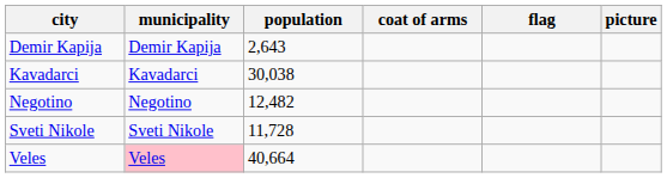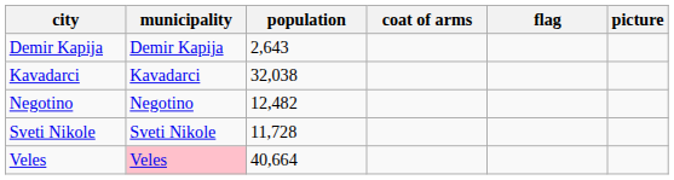 <table class="wikitable sortable" style="font-size:95%;">
 <tr>
 <th width="100px">city</th>
 <th width="100px">municipality</th>
 <th width="100px">population</th>
 <th width="100px">coat of arms</th>
 <th width="100px">flag</th>
 <th width="1o0px">picture</th>
 </tr>
 <tr>
 <td><a href='#'>Demir Kapija</a></td>
 <td><a href='#'>Demir Kapija</a></td>
 <td>2,643</td>
 <td></td>
 <td></td>
 <td></td>
 </tr>
 <tr>
 <td><a href='#'>Kavadarci</a></td>
 <td><a href='#'>Kavadarci</a></td>
-<td>30,038</td>
+<td>32,038</td>
 <td></td>
 <td></td>
 <td></td>
 </tr>
 <tr>
 <td><a href='#'>Negotino</a></td>
 <td><a href='#'>Negotino</a></td>
 <td>12,482</td>
 <td></td>
 <td></td>
 <td></td>
 </tr>
 <tr>
 <td><a href='#'>Sveti Nikole</a></td>
 <td><a href='#'>Sveti Nikole</a></td>
 <td>11,728</td>
 <td></td>
 <td></td>
 <td></td>
 </tr>
 <tr>
 <td><a href='#'>Veles</a></td>
 <td style="background: pink;"><a href='#'>Veles</a></td>
 <td>40,664</td>
 <td></td>
 <td></td>
 <td></td>
 </tr>
 </table>
